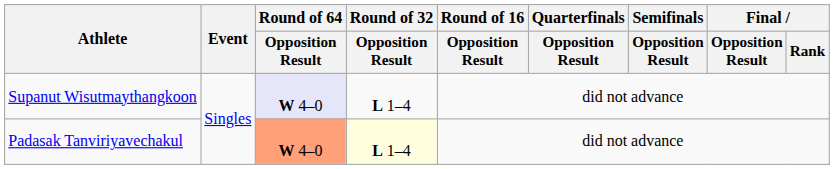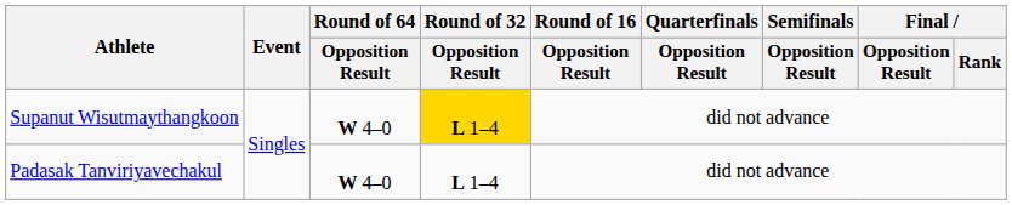 <table class="wikitable" style="font-size:90%;">
 <tr>
 <th rowspan=2>Athlete</th>
 <th rowspan=2>Event</th>
 <th>Round of 64</th>
 <th>Round of 32</th>
 <th>Round of 16</th>
 <th>Quarterfinals</th>
 <th>Semifinals</th>
 <th colspan=2>Final / </th>
 </tr>
 <tr style="font-size:95%">
 <th>Opposition<br>Result</th>
 <th>Opposition<br>Result</th>
 <th>Opposition<br>Result</th>
 <th>Opposition<br>Result</th>
 <th>Opposition<br>Result</th>
 <th>Opposition<br>Result</th>
 <th>Rank</th>
 </tr>
 <tr align=center>
 <td align=left><a href='#'>Supanut Wisutmaythangkoon</a></td>
 <td align=left rowspan=2><a href='#'>Singles</a></td>
-<td style="background: lavender;"> <br> <strong>W</strong>  4–0</td>
-<td> <br> <strong>L</strong>  1–4</td>
+<td> <br> <strong>W</strong>  4–0</td>
+<td style="background: gold;"> <br> <strong>L</strong>  1–4</td>
 <td colspan=5>did not advance</td>
 </tr>
 <tr align=center>
 <td align=left><a href='#'>Padasak Tanviriyavechakul</a></td>
-<td style="background: lightsalmon;"> <br> <strong>W</strong>  4–0</td>
-<td style="background: lightyellow;"> <br> <strong>L</strong>  1–4</td>
+<td> <br> <strong>W</strong>  4–0</td>
+<td> <br> <strong>L</strong>  1–4</td>
 <td colspan=5>did not advance</td>
 </tr>
 </table>
